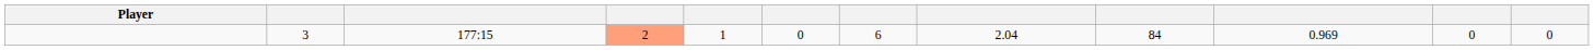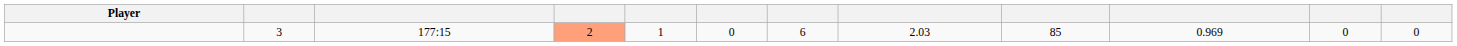 <table class="wikitable sortable" style="width:100%; text-align:center;">
 <tr>
 <th>Player</th>
 <th></th>
 <th></th>
 <th></th>
 <th></th>
 <th></th>
 <th></th>
 <th></th>
 <th></th>
 <th></th>
 <th></th>
 <th></th>
 </tr>
 <tr>
 <td></td>
 <td>3</td>
 <td>177:15</td>
 <td style="background: lightsalmon;">2</td>
 <td>1</td>
 <td>0</td>
 <td>6</td>
-<td>2.04</td>
-<td>84</td>
+<td>2.03</td>
+<td>85</td>
 <td>0.969</td>
 <td>0</td>
 <td>0</td>
 </tr>
 </table>
